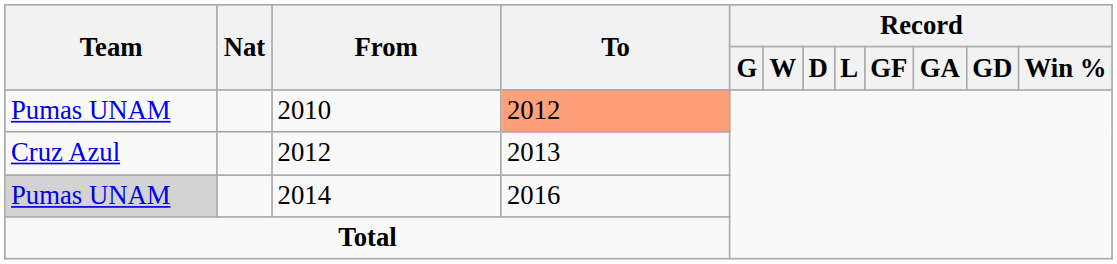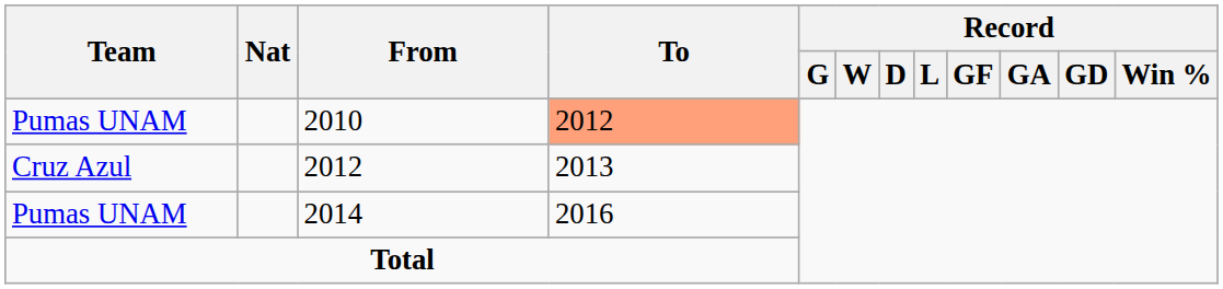 <table class="wikitable" style="text-align: center">
 <tr>
 <th rowspan="2" style="width:120px;">Team</th>
 <th rowspan="2" style="width:10px;">Nat</th>
 <th rowspan="2" style="width:130px;">From</th>
 <th rowspan="2" style="width:130px;">To</th>
 <th colspan="8">Record</th>
 </tr>
 <tr>
 <th>G</th>
 <th>W</th>
 <th>D</th>
 <th>L</th>
 <th>GF</th>
 <th>GA</th>
 <th>GD</th>
 <th>Win %</th>
 </tr>
 <tr>
 <td style="text-align:left;"><a href='#'>Pumas UNAM</a></td>
 <td></td>
 <td style="text-align:left;">2010</td>
 <td align="left" style="background: lightsalmon;">2012<br></td>
 </tr>
 <tr>
 <td style="text-align:left;"><a href='#'>Cruz Azul</a></td>
 <td></td>
 <td style="text-align:left;">2012</td>
 <td align="left">2013<br></td>
 </tr>
 <tr>
-<td style="background: lightgrey; text-align:left;"><a href='#'>Pumas UNAM</a></td>
+<td style="text-align:left;"><a href='#'>Pumas UNAM</a></td>
 <td></td>
 <td style="text-align:left;">2014</td>
 <td align="left">2016<br></td>
 </tr>
 <tr>
 <td colspan="4"><strong>Total</strong><br></td>
 </tr>
 </table>
